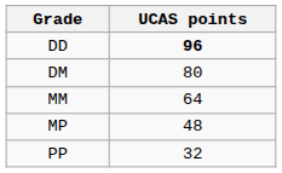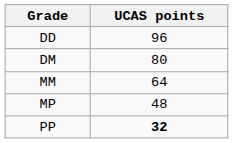 <table class="wikitable" border="1" style="text-align:center; margin-left:1em;">
 <tr>
 <th width="75">Grade</th>
 <th width="125">UCAS points</th>
 </tr>
 <tr>
 <td align="center">DD</td>
-<td><strong>96</strong></td>
+<td>96</td>
 </tr>
 <tr>
 <td align="center">DM</td>
 <td>80</td>
 </tr>
 <tr>
 <td align="center">MM</td>
 <td>64</td>
 </tr>
 <tr>
 <td align="center">MP</td>
 <td>48</td>
 </tr>
 <tr>
 <td align="center">PP</td>
-<td>32</td>
+<td><strong>32</strong></td>
 </tr>
 </table>
